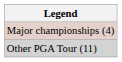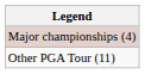 <table class="wikitable" style="font-size:95%;">
 <tr>
 <th>Legend</th>
 </tr>
 <tr style="background:#e5d1cb;">
 <td>Major championships (4)</td>
 </tr>
 <tr>
-<td style="background: lightgrey;">Other PGA Tour (11)</td>
+<td>Other PGA Tour (11)</td>
 </tr>
 </table>
